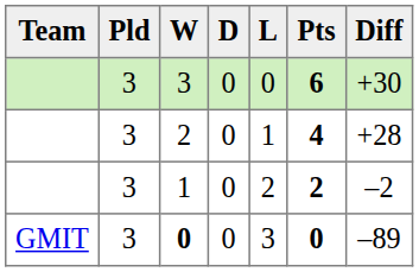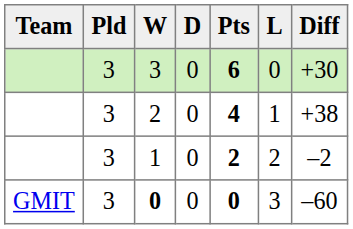 <table style=border-collapse:collapse border=1 cellspacing=0 cellpadding=5>
 <tr align=center bgcolor=#efefef>
 <th>Team</th>
 <th>Pld</th>
 <th>W</th>
 <th>D</th>
+<th>Pts</th>
 <th>L</th>
-<th>Pts</th>
 <th>Diff</th>
 </tr>
 <tr align=center style="background:#D0F0C0;">
 <td style="text-align:left;"> </td>
 <td>3</td>
 <td>3</td>
 <td>0</td>
+<td><strong>6</strong></td>
 <td>0</td>
-<td><strong>6</strong></td>
 <td>+30</td>
 </tr>
 <tr align=center style="background:#FFFFFF;">
 <td style="text-align:left;"> </td>
 <td>3</td>
 <td>2</td>
 <td>0</td>
+<td><strong>4</strong></td>
 <td>1</td>
-<td><strong>4</strong></td>
-<td>+28</td>
+<td>+38</td>
 </tr>
 <tr align=center style="background:#FFFFFF;">
 <td style="text-align:left;"> </td>
 <td>3</td>
 <td>1</td>
 <td>0</td>
+<td><strong>2</strong></td>
 <td>2</td>
-<td><strong>2</strong></td>
 <td>–2</td>
 </tr>
 <tr align=center style="background:#FFFFFF;">
 <td style="text-align:left;"> <a href='#'>GMIT</a></td>
 <td>3</td>
 <td><strong>0</strong></td>
 <td>0</td>
+<td><strong>0</strong></td>
 <td>3</td>
-<td><strong>0</strong></td>
-<td>–89</td>
+<td>–60</td>
 </tr>
 </table>
